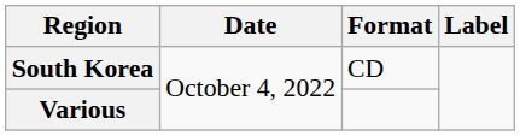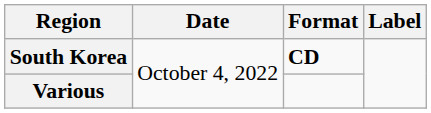 <table class="wikitable plainrowheaders">
 <tr>
 <th scope="col">Region</th>
 <th scope="col">Date</th>
 <th scope="col">Format</th>
 <th scope="col">Label</th>
 </tr>
 <tr>
 <th scope="row">South Korea</th>
 <td rowspan="2">October 4, 2022</td>
-<td>CD</td>
+<td><strong>CD</strong></td>
 <td rowspan="2"></td>
 </tr>
 <tr>
 <th scope="row">Various </th>
 <td></td>
 </tr>
 </table>
